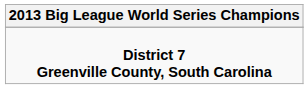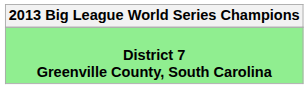 <table class="wikitable" style="text-align: center; margin: 0 auto;">
 <tr>
 <th>2013 Big League World Series Champions</th>
 </tr>
 <tr>
 </tr>
 <tr>
-<td><br><strong>District 7</strong><br> <strong>Greenville County, South Carolina</strong></td>
+<td style="background: lightgreen;"><br><strong>District 7</strong><br> <strong>Greenville County, South Carolina</strong></td>
 </tr>
 </table>
